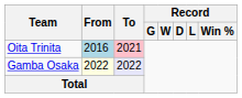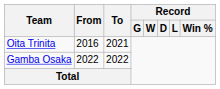 <table class="wikitable" style="text-align: center">
 <tr>
 <th rowspan="2">Team</th>
 <th rowspan="2">From</th>
 <th rowspan="2">To</th>
 <th colspan="5">Record</th>
 </tr>
 <tr>
 <th>G</th>
 <th>W</th>
 <th>D</th>
 <th>L</th>
 <th>Win %</th>
 </tr>
 <tr>
 <td align="left"><a href='#'>Oita Trinita</a></td>
-<td align="left" style="background: lightblue;">2016</td>
-<td align="left" style="background: pink;">2021<br></td>
+<td align="left">2016</td>
+<td align="left">2021<br></td>
 </tr>
 <tr>
 <td align="left"><a href='#'>Gamba Osaka</a></td>
-<td align="left" style="background: lightyellow;">2022</td>
-<td align="left" style="background: lavender;">2022<br></td>
+<td align="left">2022</td>
+<td align="left">2022<br></td>
 </tr>
 <tr>
 <th colspan="3">Total<br></th>
 </tr>
 </table>
